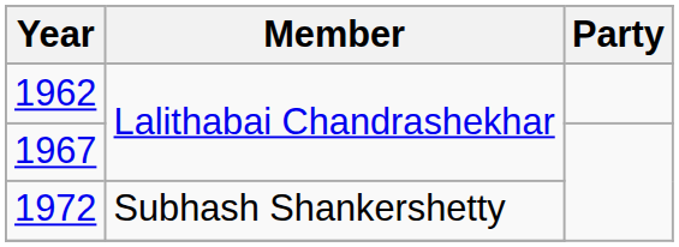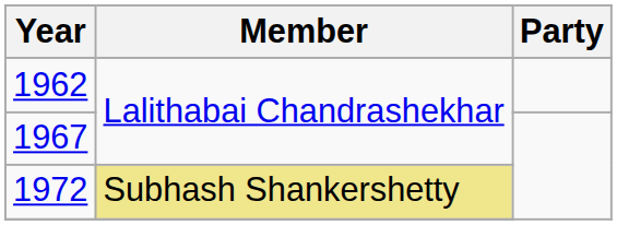 <table class="wikitable sortable">
 <tr>
 <th>Year</th>
 <th>Member</th>
 <th colspan="2">Party</th>
 </tr>
 <tr>
 <td><a href='#'>1962</a></td>
 <td rowspan=2><a href='#'>Lalithabai Chandrashekhar</a></td>
 <td></td>
 </tr>
 <tr>
 <td><a href='#'>1967</a></td>
 </tr>
 <tr>
 <td><a href='#'>1972</a></td>
-<td>Subhash Shankershetty</td>
+<td style="background: khaki;">Subhash Shankershetty</td>
 </tr>
 <tr>
 </tr>
 </table>
